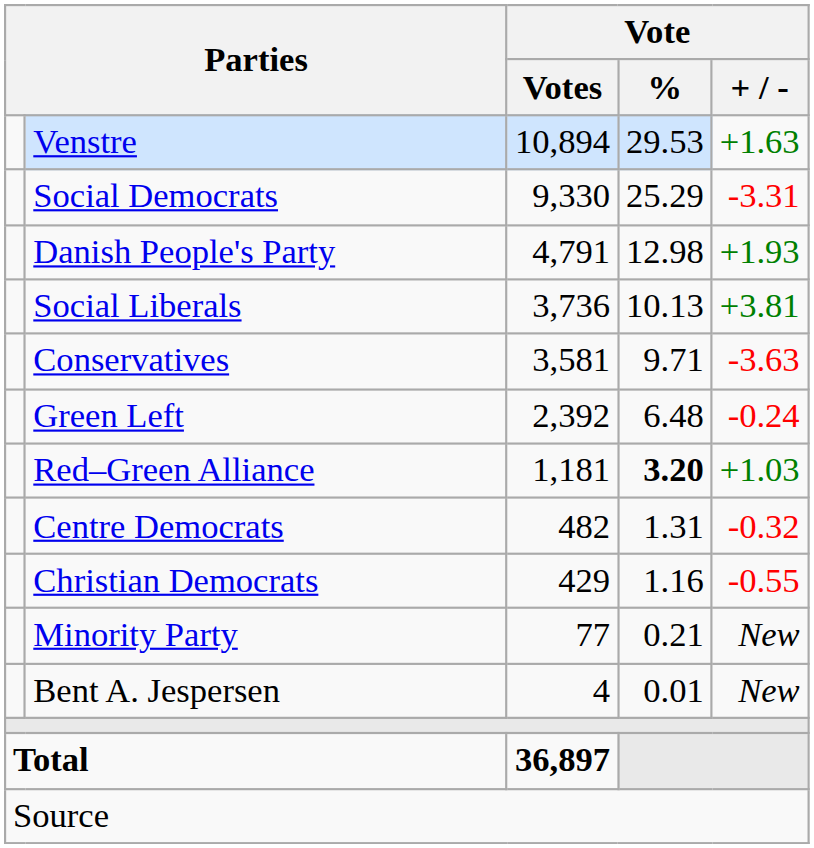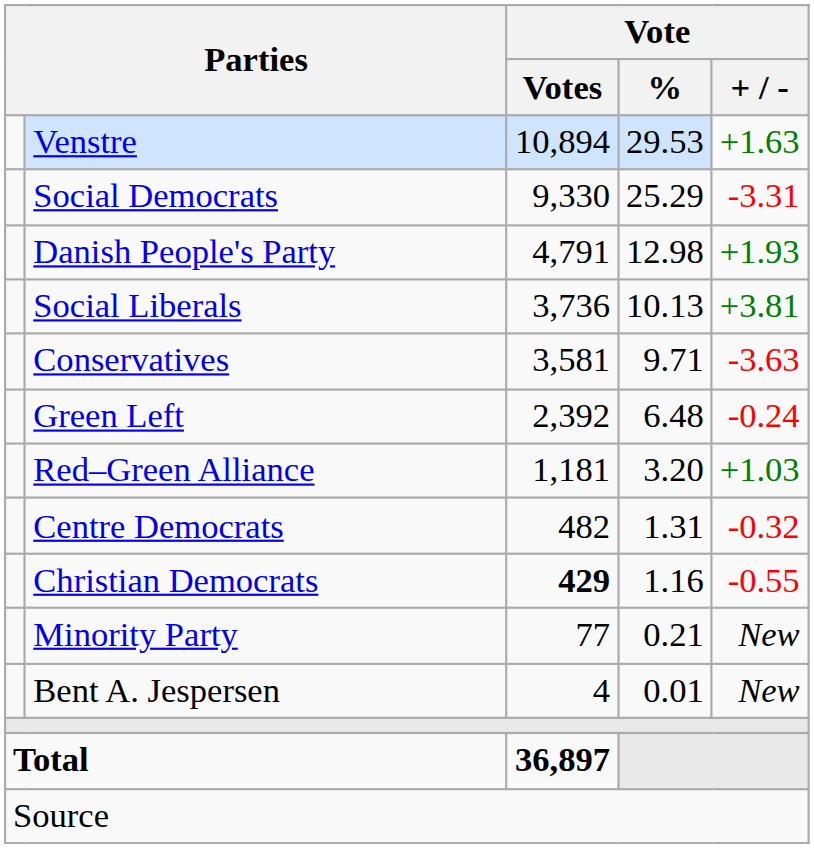 <table class="wikitable" style="text-align:right;">
 <tr>
 <th style="text-align:centre;" rowspan="2" colspan="2" width="225">Parties</th>
 <th colspan="3">Vote</th>
 </tr>
 <tr>
 <th width="15">Votes</th>
 <th width="15">%</th>
 <th width="15">+ / -</th>
 </tr>
 <tr>
 <td width="2" style="color:inherit;background:"></td>
 <td bgcolor=#cfe5fe  align="left"><a href='#'>Venstre</a></td>
 <td bgcolor=#cfe5fe>10,894</td>
 <td bgcolor=#cfe5fe>29.53</td>
 <td style=color:green;>+1.63</td>
 </tr>
 <tr>
 <td width="2" style="color:inherit;background:"></td>
 <td align="left"><a href='#'>Social Democrats</a></td>
 <td>9,330</td>
 <td>25.29</td>
 <td style=color:red;>-3.31</td>
 </tr>
 <tr>
 <td width="2" style="color:inherit;background:"></td>
 <td align="left"><a href='#'>Danish People's Party</a></td>
 <td>4,791</td>
 <td>12.98</td>
 <td style=color:green;>+1.93</td>
 </tr>
 <tr>
 <td width="2" style="color:inherit;background:"></td>
 <td align="left"><a href='#'>Social Liberals</a></td>
 <td>3,736</td>
 <td>10.13</td>
 <td style=color:green;>+3.81</td>
 </tr>
 <tr>
 <td width="2" style="color:inherit;background:"></td>
 <td align="left"><a href='#'>Conservatives</a></td>
 <td>3,581</td>
 <td>9.71</td>
 <td style=color:red;>-3.63</td>
 </tr>
 <tr>
 <td width="2" style="color:inherit;background:"></td>
 <td align="left"><a href='#'>Green Left</a></td>
 <td>2,392</td>
 <td>6.48</td>
 <td style=color:red;>-0.24</td>
 </tr>
 <tr>
 <td width="2" style="color:inherit;background:"></td>
 <td align="left"><a href='#'>Red–Green Alliance</a></td>
 <td>1,181</td>
-<td><strong>3.20</strong></td>
+<td>3.20</td>
 <td style=color:green;>+1.03</td>
 </tr>
 <tr>
 <td width="2" style="color:inherit;background:"></td>
 <td align="left"><a href='#'>Centre Democrats</a></td>
 <td>482</td>
 <td>1.31</td>
 <td style=color:red;>-0.32</td>
 </tr>
 <tr>
 <td width="2" style="color:inherit;background:"></td>
 <td align="left"><a href='#'>Christian Democrats</a></td>
-<td>429</td>
+<td><strong>429</strong></td>
 <td>1.16</td>
 <td style=color:red;>-0.55</td>
 </tr>
 <tr>
 <td width="2" style="color:inherit;background:"></td>
 <td align="left"><a href='#'>Minority Party</a></td>
 <td>77</td>
 <td>0.21</td>
 <td><em>New</em></td>
 </tr>
 <tr>
 <td width="2" style="color:inherit;background:"></td>
 <td align="left">Bent A. Jespersen</td>
 <td>4</td>
 <td>0.01</td>
 <td><em>New</em></td>
 </tr>
 <tr>
 <td colspan="7" bgcolor="#E9E9E9"></td>
 </tr>
 <tr>
 <td align="left" colspan="2"><strong>Total</strong></td>
 <td><strong>36,897</strong></td>
 <td bgcolor="#E9E9E9" colspan="2"></td>
 </tr>
 <tr>
 <td align="left" colspan="6">Source</td>
 </tr>
 </table>
